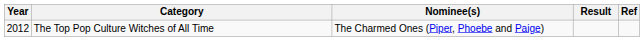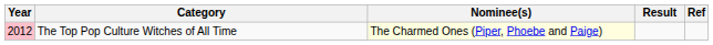 <table class="wikitable">
 <tr>
 <th>Year</th>
 <th width="470">Category</th>
 <th width="375">Nominee(s)</th>
 <th width="65">Result</th>
 <th>Ref</th>
 </tr>
 <tr>
-<td>2012</td>
+<td style="background: pink;">2012</td>
 <td>The Top Pop Culture Witches of All Time</td>
-<td>The Charmed Ones (<a href='#'>Piper</a>, <a href='#'>Phoebe</a> and <a href='#'>Paige</a>)</td>
+<td style="background: lightyellow;">The Charmed Ones (<a href='#'>Piper</a>, <a href='#'>Phoebe</a> and <a href='#'>Paige</a>)</td>
 <td></td>
 <td></td>
 </tr>
 </table>
